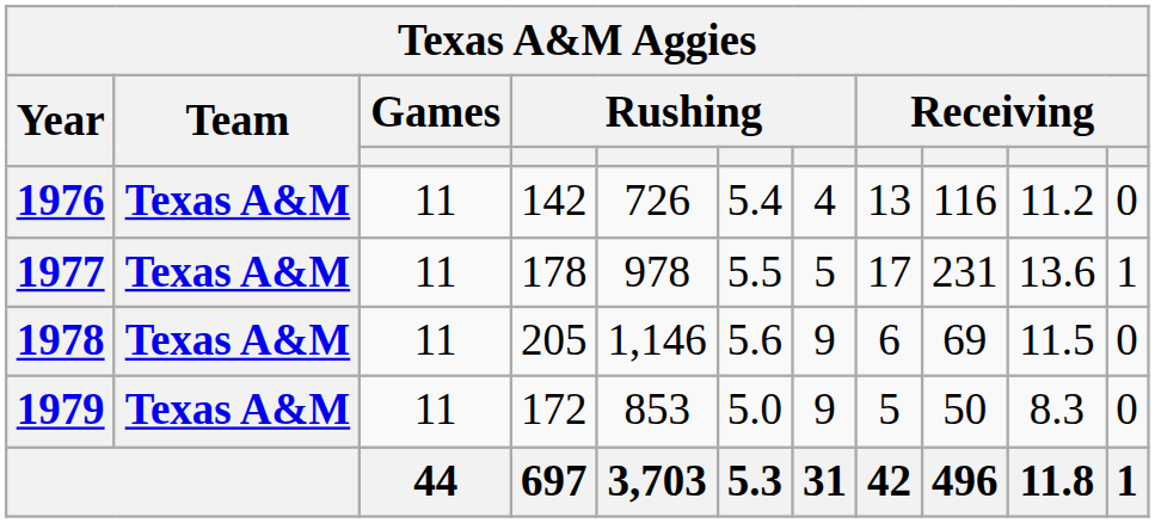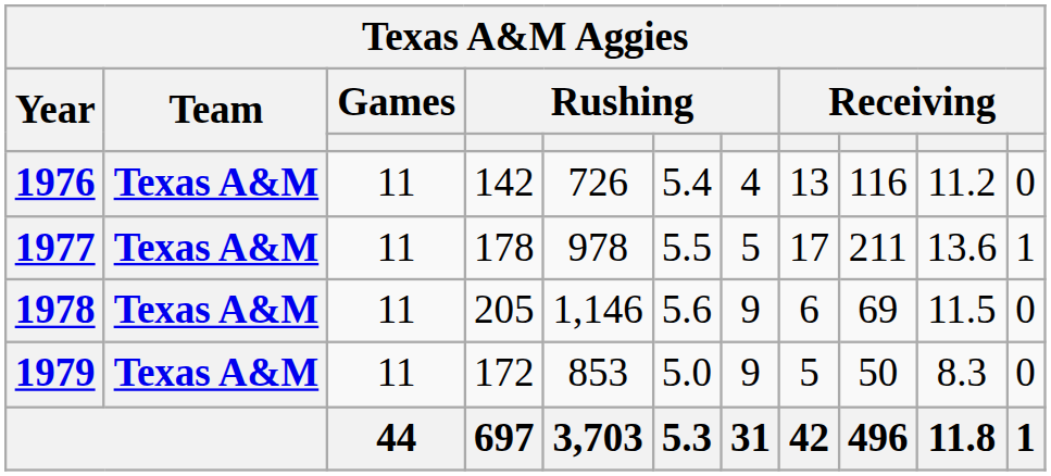 <table class="wikitable" style="text-align:center;">
 <tr>
 <th colspan="16">Texas A&M Aggies</th>
 </tr>
 <tr>
 <th rowspan="2">Year</th>
 <th rowspan="2">Team</th>
 <th colspan="1">Games</th>
 <th colspan="4">Rushing</th>
 <th colspan="4">Receiving</th>
 </tr>
 <tr>
 <th></th>
 <th></th>
 <th></th>
 <th></th>
 <th></th>
 <th></th>
 <th></th>
 <th></th>
 <th></th>
 </tr>
 <tr>
 <th><a href='#'>1976</a></th>
 <th><a href='#'>Texas A&M</a></th>
 <td>11</td>
 <td>142</td>
 <td>726</td>
 <td>5.4</td>
 <td>4</td>
 <td>13</td>
 <td>116</td>
 <td>11.2</td>
 <td>0</td>
 </tr>
 <tr>
 <th><a href='#'>1977</a></th>
 <th><a href='#'>Texas A&M</a></th>
 <td>11</td>
 <td>178</td>
 <td>978</td>
 <td>5.5</td>
 <td>5</td>
 <td>17</td>
-<td>231</td>
+<td>211</td>
 <td>13.6</td>
 <td>1</td>
 </tr>
 <tr>
 <th><a href='#'>1978</a></th>
 <th><a href='#'>Texas A&M</a></th>
 <td>11</td>
 <td>205</td>
 <td>1,146</td>
 <td>5.6</td>
 <td>9</td>
 <td>6</td>
 <td>69</td>
 <td>11.5</td>
 <td>0</td>
 </tr>
 <tr>
 <th><a href='#'>1979</a></th>
 <th><a href='#'>Texas A&M</a></th>
 <td>11</td>
 <td>172</td>
 <td>853</td>
 <td>5.0</td>
 <td>9</td>
 <td>5</td>
 <td>50</td>
 <td>8.3</td>
 <td>0</td>
 </tr>
 <tr>
 <th colspan="2"></th>
 <th>44</th>
 <th>697</th>
 <th>3,703</th>
 <th>5.3</th>
 <th>31</th>
 <th>42</th>
 <th>496</th>
 <th>11.8</th>
 <th>1</th>
 </tr>
 </table>
